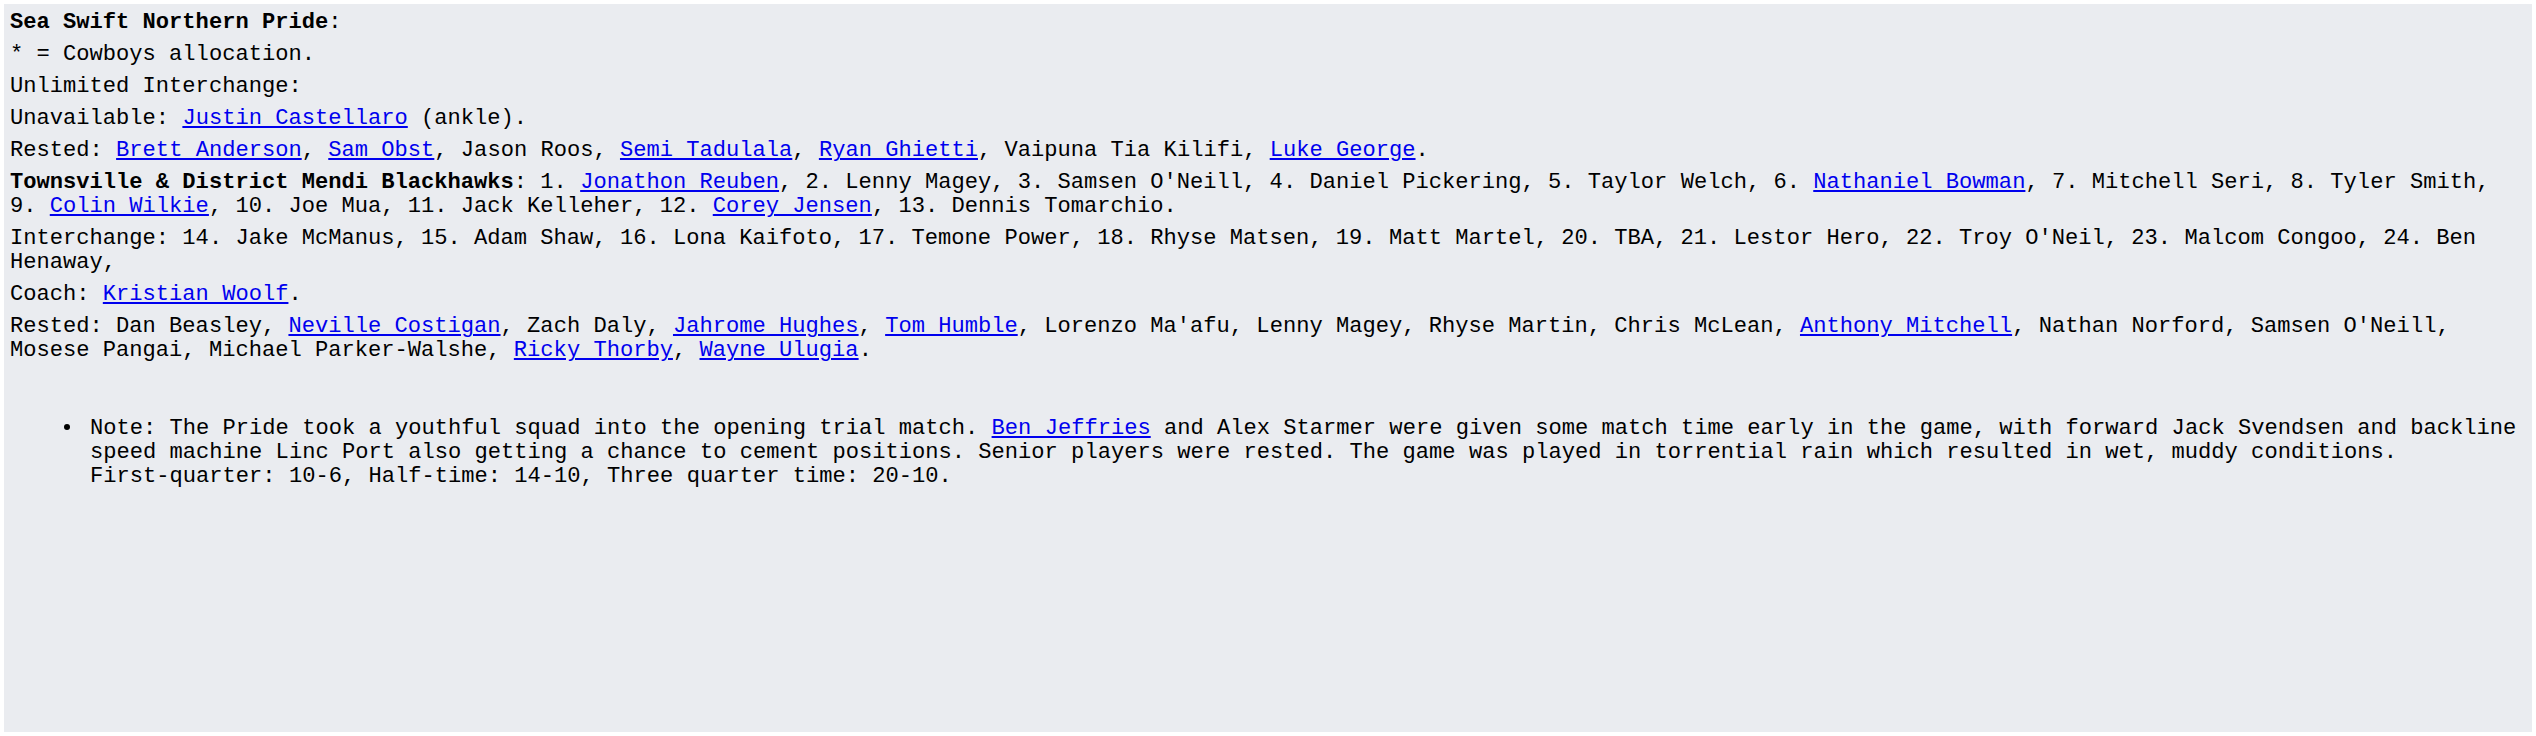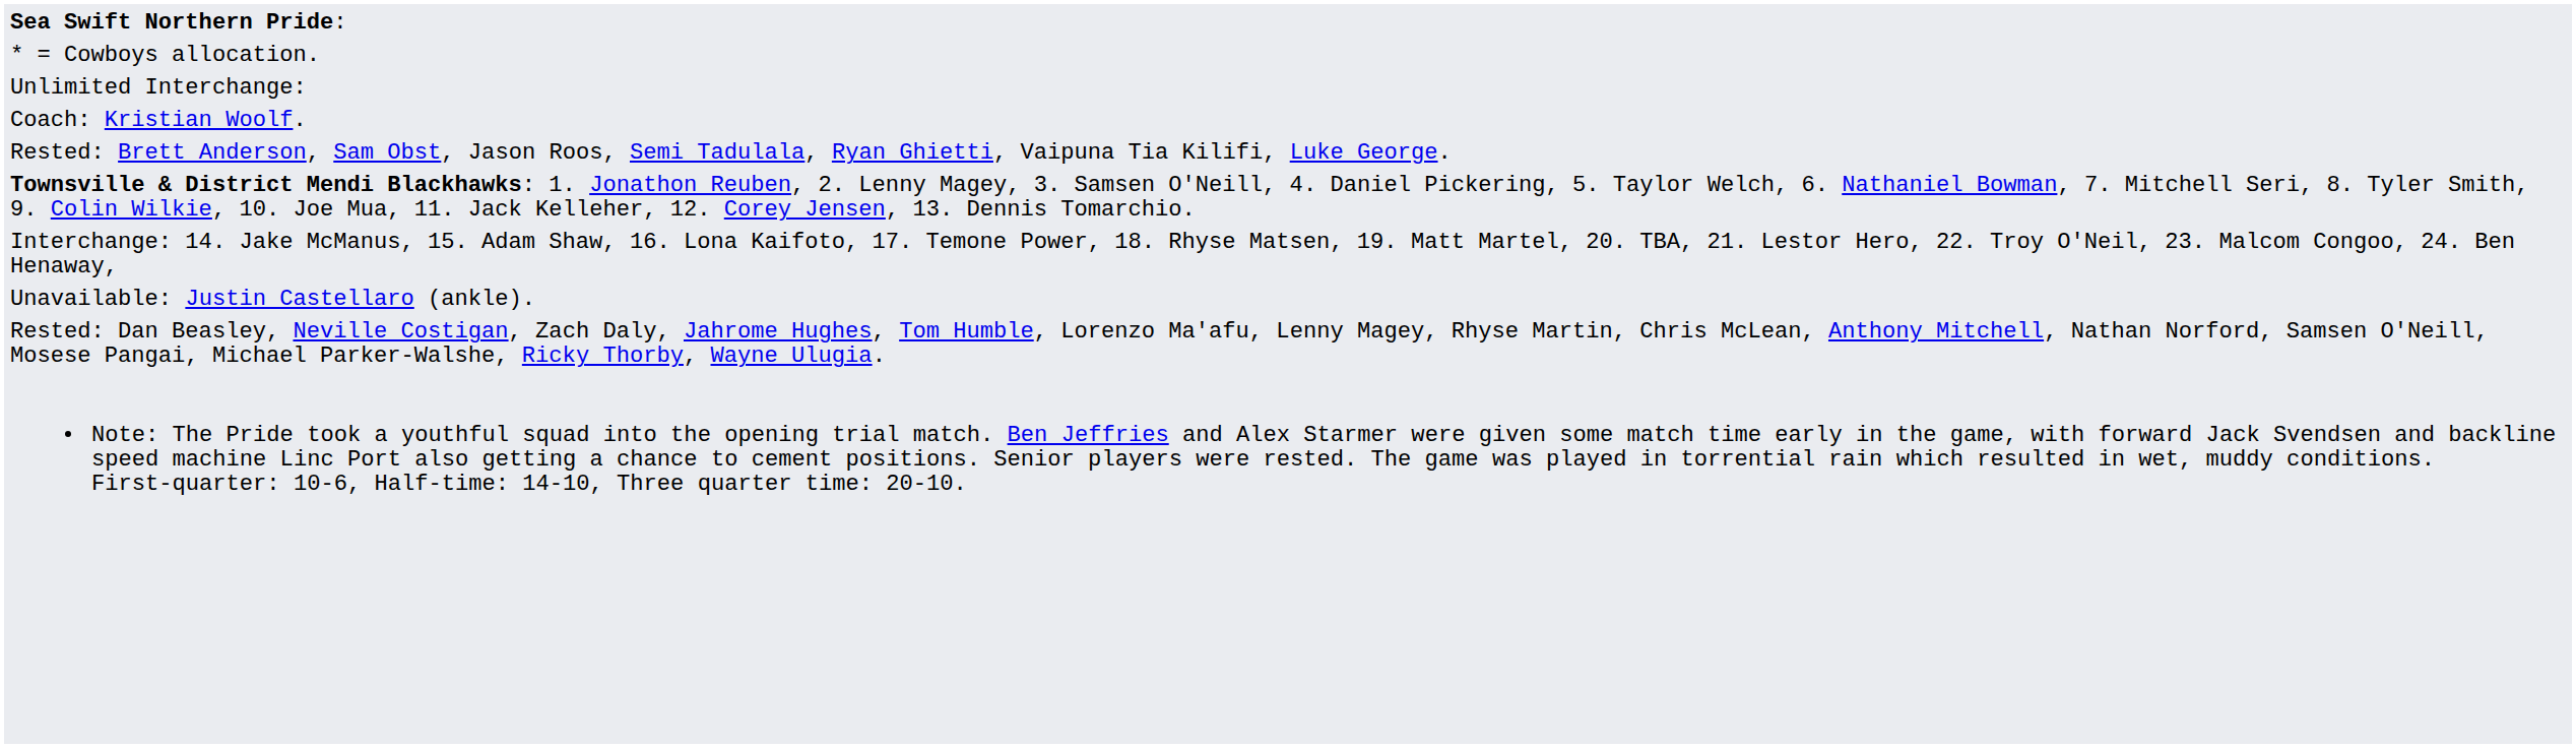 <table style="background:#eaecf0; font-size:85%; width:100%;">
 <tr>
 <td><strong>Sea Swift Northern Pride</strong>:             </td>
 </tr>
 <tr>
 <td>* = Cowboys allocation.</td>
 </tr>
 <tr>
 <td>Unlimited Interchange:          </td>
 </tr>
 <tr>
-<td>Unavailable: <a href='#'>Justin Castellaro</a> (ankle).</td>
+<td>Coach: <a href='#'>Kristian Woolf</a>.</td>
 </tr>
 <tr>
 <td>Rested: <a href='#'>Brett Anderson</a>, <a href='#'>Sam Obst</a>, Jason Roos, <a href='#'>Semi Tadulala</a>, <a href='#'>Ryan Ghietti</a>, Vaipuna Tia Kilifi, <a href='#'>Luke George</a>.</td>
 </tr>
 <tr>
 <td><strong>Townsville & District Mendi Blackhawks</strong>: 1. <a href='#'>Jonathon Reuben</a>, 2. Lenny Magey, 3. Samsen O'Neill, 4. Daniel Pickering, 5. Taylor Welch, 6. <a href='#'>Nathaniel Bowman</a>, 7. Mitchell Seri, 8. Tyler Smith, 9. <a href='#'>Colin Wilkie</a>, 10. Joe Mua, 11. Jack Kelleher, 12. <a href='#'>Corey Jensen</a>, 13. Dennis Tomarchio.</td>
 </tr>
 <tr>
 <td>Interchange: 14. Jake McManus, 15. Adam Shaw, 16. Lona Kaifoto, 17. Temone Power, 18. Rhyse Matsen, 19. Matt Martel, 20. TBA, 21. Lestor Hero, 22. Troy O'Neil, 23. Malcom Congoo, 24. Ben Henaway,</td>
 </tr>
 <tr>
-<td>Coach: <a href='#'>Kristian Woolf</a>.</td>
+<td>Unavailable: <a href='#'>Justin Castellaro</a> (ankle).</td>
 </tr>
 <tr>
 <td>Rested: Dan Beasley, <a href='#'>Neville Costigan</a>, Zach Daly, <a href='#'>Jahrome Hughes</a>, <a href='#'>Tom Humble</a>, Lorenzo Ma'afu, Lenny Magey, Rhyse Martin, Chris McLean, <a href='#'>Anthony Mitchell</a>, Nathan Norford, Samsen O'Neill, Mosese Pangai, Michael Parker-Walshe, <a href='#'>Ricky Thorby</a>, <a href='#'>Wayne Ulugia</a>.</td>
 </tr>
 <tr>
 <td><br><ul><li>Note: The Pride took a youthful squad into the opening trial match. <a href='#'>Ben Jeffries</a> and Alex Starmer were given some match time early in the game, with forward Jack Svendsen and backline speed machine Linc Port also getting a chance to cement positions. Senior players were rested. The game was played in torrential rain which resulted in wet, muddy conditions.<br>First-quarter: 10-6, Half-time: 14-10, Three quarter time: 20-10.</li></ul><br> <br> <br> <br> <br> <br> <br> <br> <br> </td>
 </tr>
 </table>
